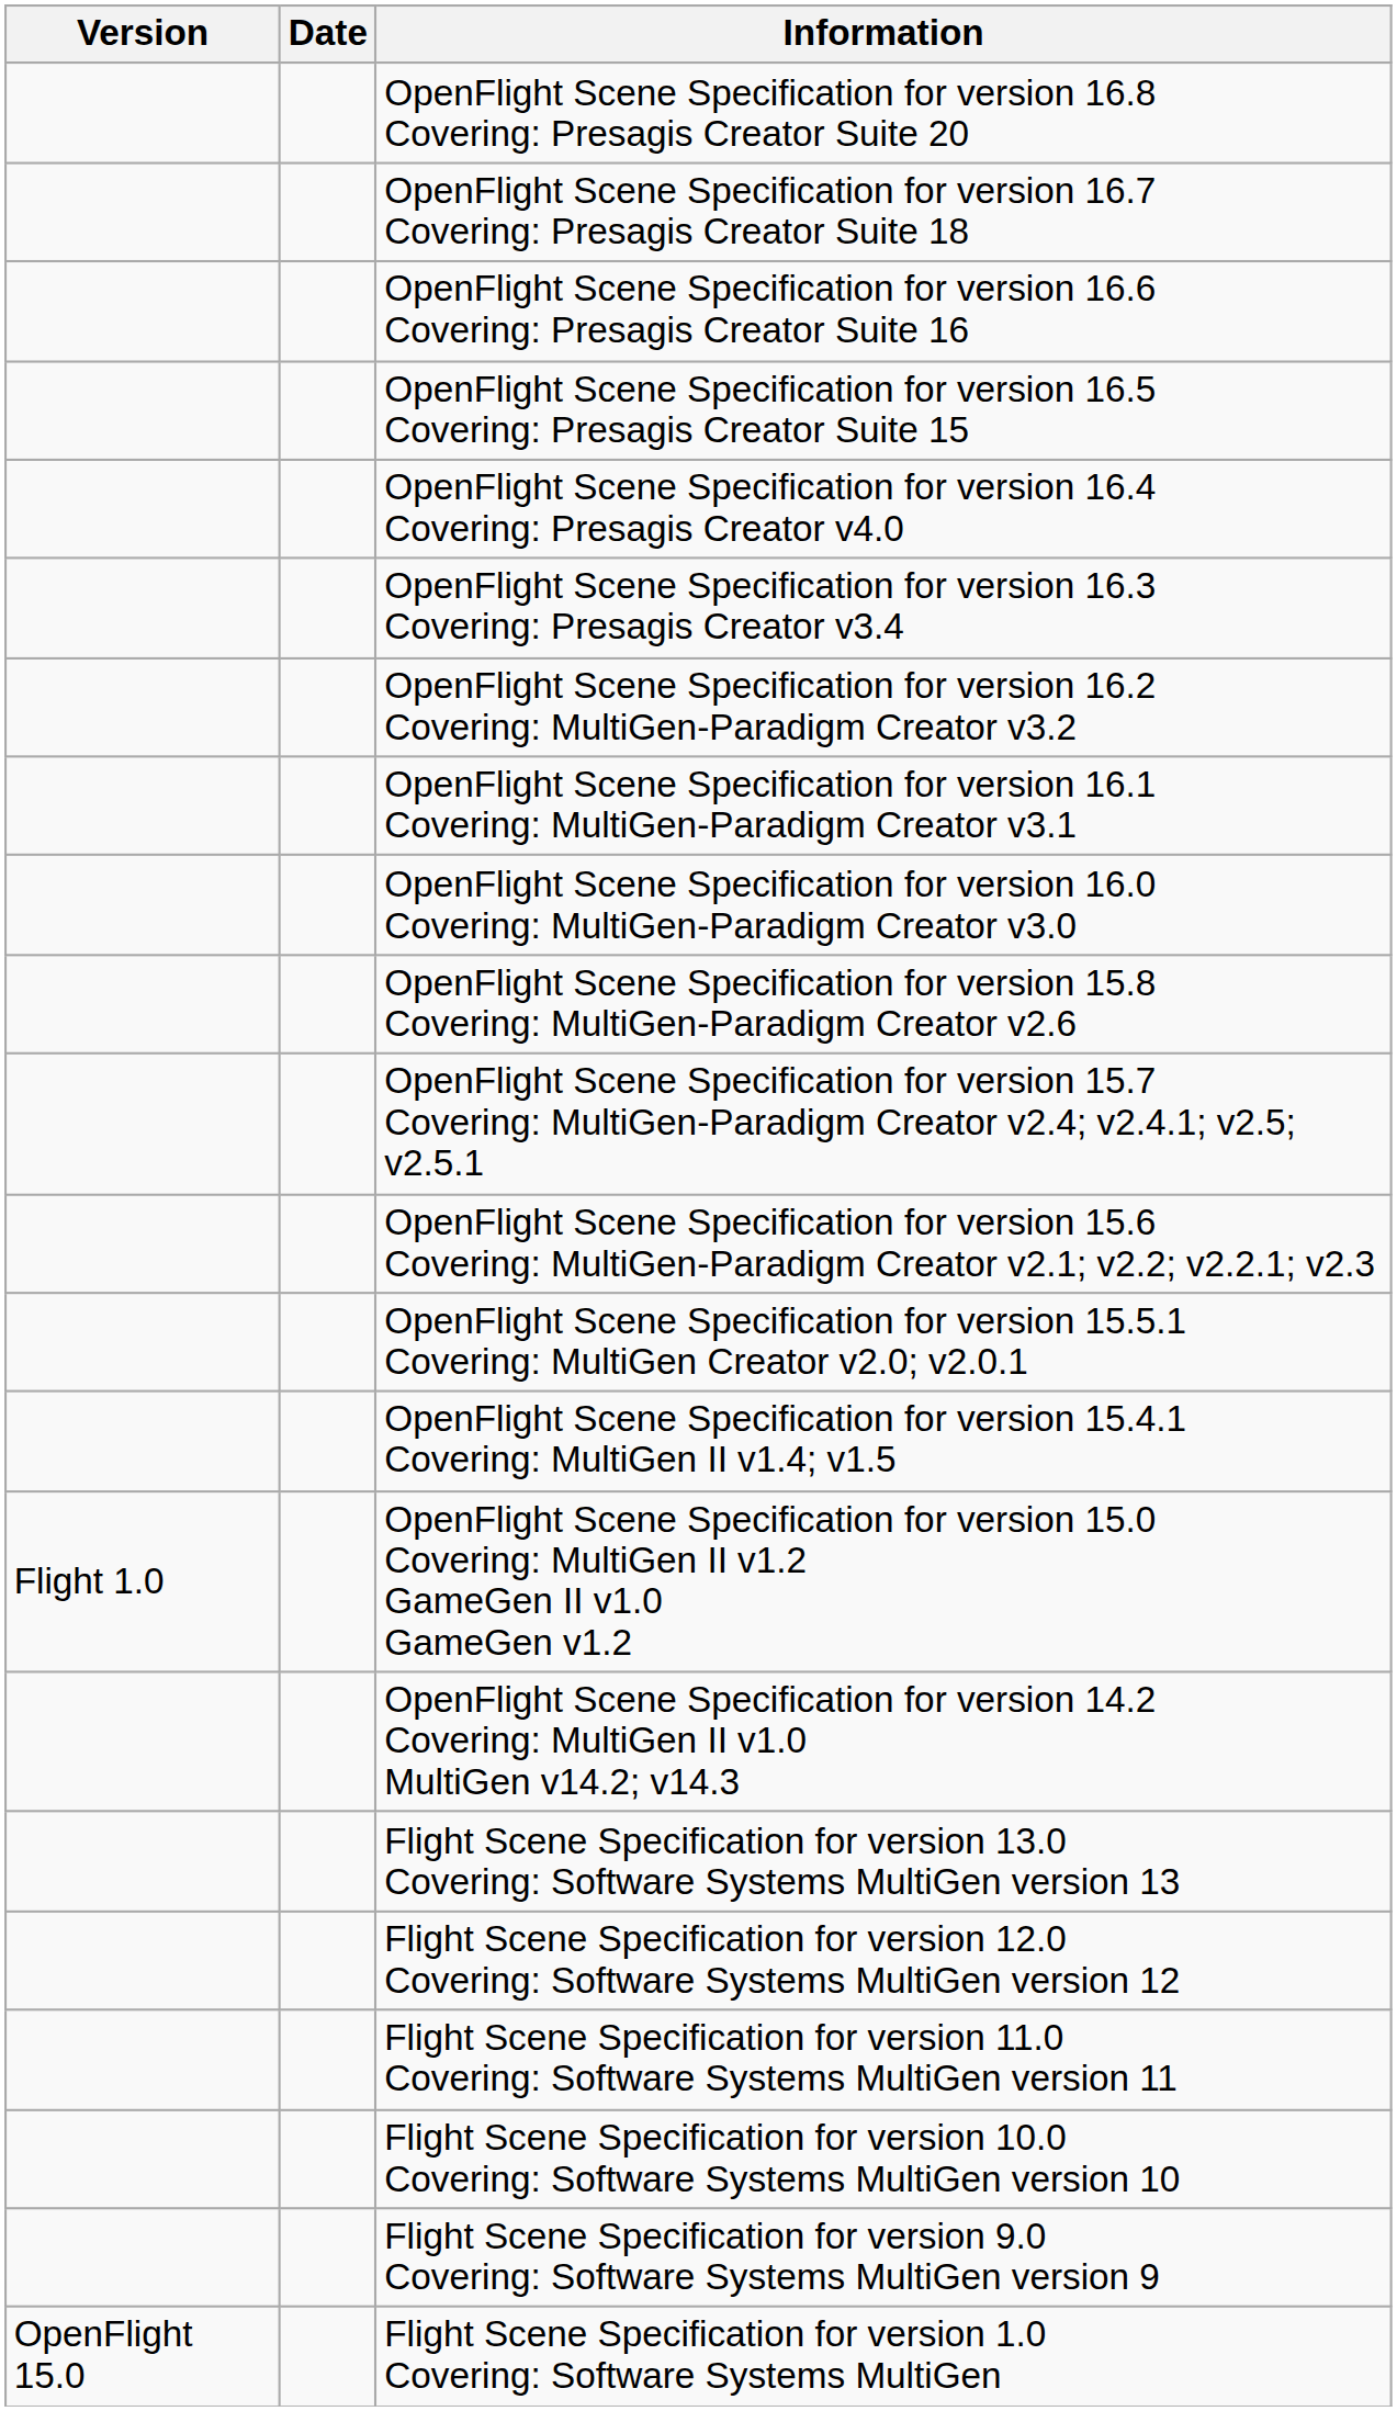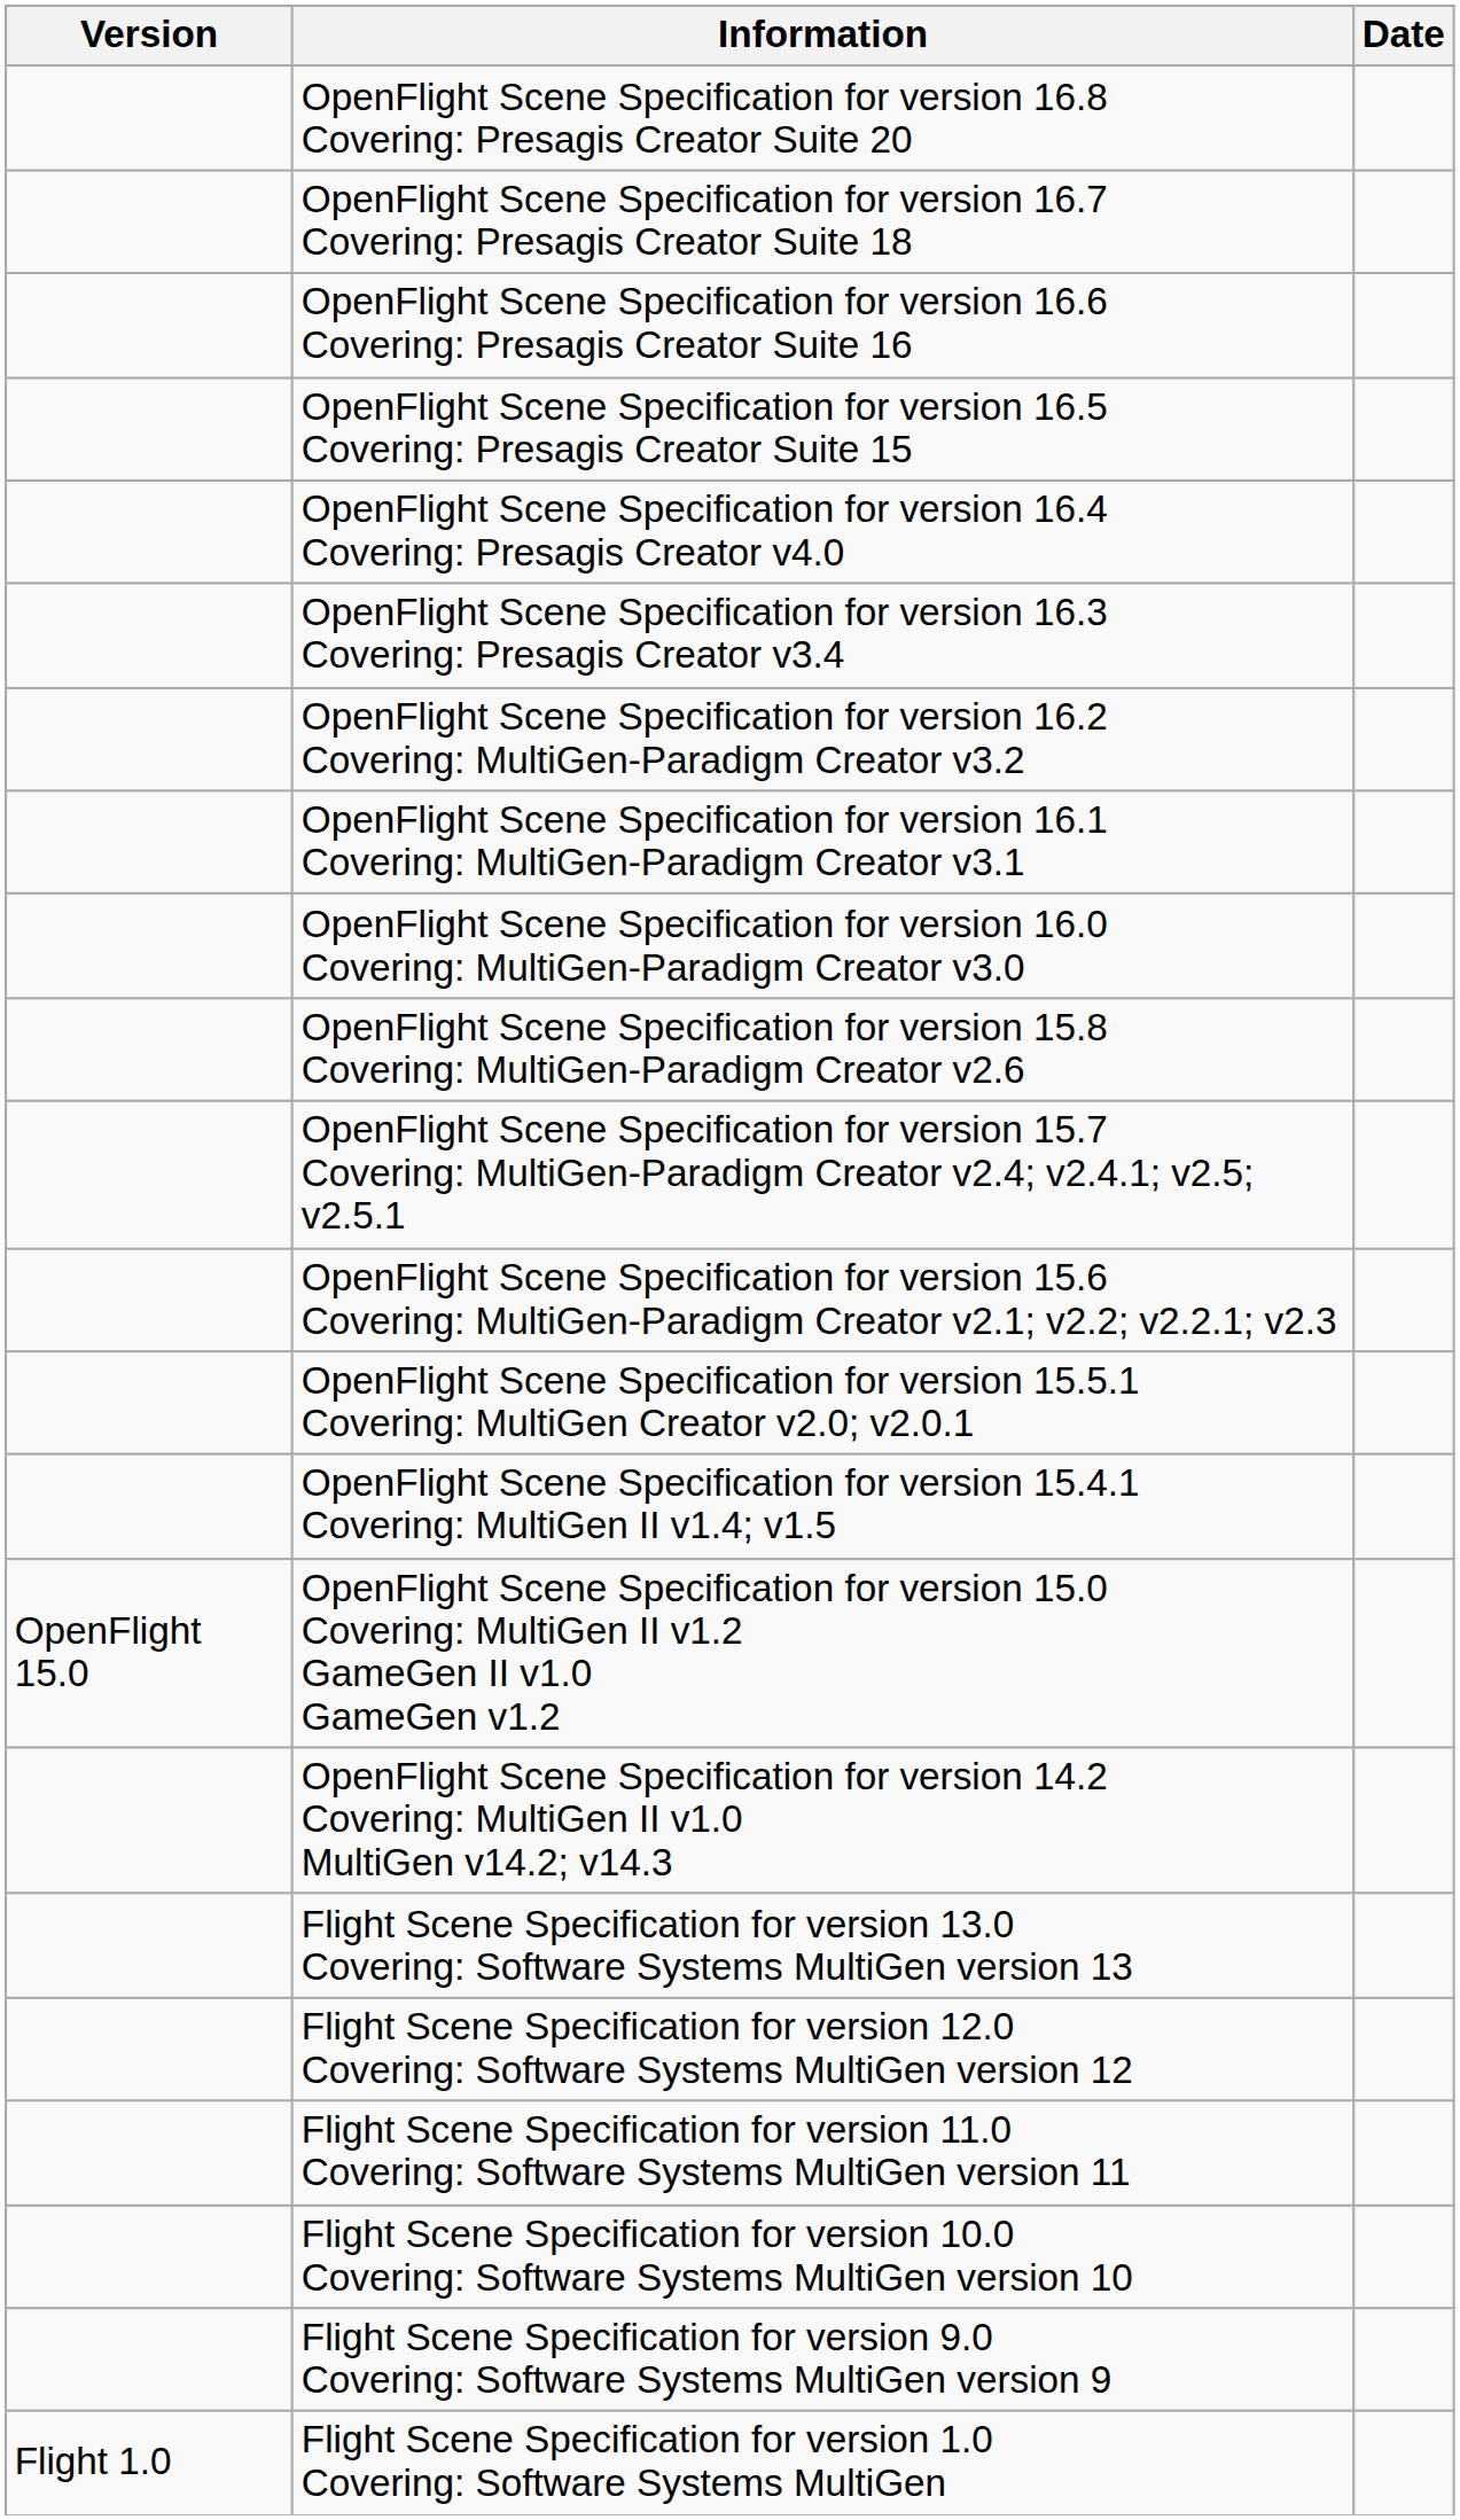 <table class="wikitable">
 <tr>
 <th>Version</th>
+<th>Information</th>
 <th>Date</th>
-<th>Information</th>
 </tr>
 <tr>
 <td></td>
+<td>OpenFlight Scene Specification for version 16.8<br>Covering: Presagis Creator Suite 20</td>
 <td></td>
-<td>OpenFlight Scene Specification for version 16.8<br>Covering: Presagis Creator Suite 20</td>
 </tr>
 <tr>
 <td></td>
+<td>OpenFlight Scene Specification for version 16.7<br>Covering: Presagis Creator Suite 18</td>
 <td></td>
-<td>OpenFlight Scene Specification for version 16.7<br>Covering: Presagis Creator Suite 18</td>
 </tr>
 <tr>
 <td></td>
+<td>OpenFlight Scene Specification for version 16.6<br>Covering: Presagis Creator Suite 16</td>
 <td></td>
-<td>OpenFlight Scene Specification for version 16.6<br>Covering: Presagis Creator Suite 16</td>
 </tr>
 <tr>
 <td></td>
+<td>OpenFlight Scene Specification for version 16.5<br>Covering: Presagis Creator Suite 15</td>
 <td></td>
-<td>OpenFlight Scene Specification for version 16.5<br>Covering: Presagis Creator Suite 15</td>
 </tr>
 <tr>
 <td></td>
+<td>OpenFlight Scene Specification for version 16.4<br>Covering: Presagis Creator v4.0</td>
 <td></td>
-<td>OpenFlight Scene Specification for version 16.4<br>Covering: Presagis Creator v4.0</td>
 </tr>
 <tr>
 <td></td>
+<td>OpenFlight Scene Specification for version 16.3<br>Covering: Presagis Creator v3.4</td>
 <td></td>
-<td>OpenFlight Scene Specification for version 16.3<br>Covering: Presagis Creator v3.4</td>
 </tr>
 <tr>
 <td></td>
+<td>OpenFlight Scene Specification for version 16.2<br>Covering: MultiGen-Paradigm Creator v3.2</td>
 <td></td>
-<td>OpenFlight Scene Specification for version 16.2<br>Covering: MultiGen-Paradigm Creator v3.2</td>
 </tr>
 <tr>
 <td></td>
+<td>OpenFlight Scene Specification for version 16.1<br>Covering: MultiGen-Paradigm Creator v3.1</td>
 <td></td>
-<td>OpenFlight Scene Specification for version 16.1<br>Covering: MultiGen-Paradigm Creator v3.1</td>
 </tr>
 <tr>
 <td></td>
+<td>OpenFlight Scene Specification for version 16.0<br>Covering: MultiGen-Paradigm Creator v3.0</td>
 <td></td>
-<td>OpenFlight Scene Specification for version 16.0<br>Covering: MultiGen-Paradigm Creator v3.0</td>
 </tr>
 <tr>
 <td></td>
+<td>OpenFlight Scene Specification for version 15.8<br>Covering: MultiGen-Paradigm Creator v2.6</td>
 <td></td>
-<td>OpenFlight Scene Specification for version 15.8<br>Covering: MultiGen-Paradigm Creator v2.6</td>
 </tr>
 <tr>
 <td></td>
+<td>OpenFlight Scene Specification for version 15.7<br>Covering: MultiGen-Paradigm Creator v2.4; v2.4.1; v2.5; v2.5.1</td>
 <td></td>
-<td>OpenFlight Scene Specification for version 15.7<br>Covering: MultiGen-Paradigm Creator v2.4; v2.4.1; v2.5; v2.5.1</td>
 </tr>
 <tr>
 <td></td>
+<td>OpenFlight Scene Specification for version 15.6<br>Covering: MultiGen-Paradigm Creator v2.1; v2.2; v2.2.1; v2.3</td>
 <td></td>
-<td>OpenFlight Scene Specification for version 15.6<br>Covering: MultiGen-Paradigm Creator v2.1; v2.2; v2.2.1; v2.3</td>
 </tr>
 <tr>
 <td></td>
+<td>OpenFlight Scene Specification for version 15.5.1<br>Covering: MultiGen Creator v2.0; v2.0.1</td>
 <td></td>
-<td>OpenFlight Scene Specification for version 15.5.1<br>Covering: MultiGen Creator v2.0; v2.0.1</td>
 </tr>
 <tr>
 <td></td>
+<td>OpenFlight Scene Specification for version 15.4.1<br>Covering: MultiGen II v1.4; v1.5</td>
 <td></td>
-<td>OpenFlight Scene Specification for version 15.4.1<br>Covering: MultiGen II v1.4; v1.5</td>
+</tr>
+<tr>
+<td>OpenFlight 15.0</td>
+<td>OpenFlight Scene Specification for version 15.0<br>Covering: MultiGen II v1.2<br> GameGen II v1.0<br> GameGen v1.2<br></td>
+<td></td>
+</tr>
+<tr>
+<td></td>
+<td>OpenFlight Scene Specification for version 14.2<br>Covering: MultiGen II v1.0<br> MultiGen v14.2; v14.3<br></td>
+<td></td>
+</tr>
+<tr>
+<td></td>
+<td>Flight Scene Specification for version 13.0<br>Covering: Software Systems MultiGen version 13</td>
+<td></td>
+</tr>
+<tr>
+<td></td>
+<td>Flight Scene Specification for version 12.0<br>Covering: Software Systems MultiGen version 12</td>
+<td></td>
+</tr>
+<tr>
+<td></td>
+<td>Flight Scene Specification for version 11.0<br>Covering: Software Systems MultiGen version 11</td>
+<td></td>
+</tr>
+<tr>
+<td></td>
+<td>Flight Scene Specification for version 10.0<br>Covering: Software Systems MultiGen version 10</td>
+<td></td>
+</tr>
+<tr>
+<td></td>
+<td>Flight Scene Specification for version 9.0<br>Covering: Software Systems MultiGen version 9</td>
+<td></td>
 </tr>
 <tr>
 <td>Flight 1.0</td>
+<td>Flight Scene Specification for version 1.0<br>Covering: Software Systems MultiGen</td>
 <td></td>
-<td>OpenFlight Scene Specification for version 15.0<br>Covering: MultiGen II v1.2<br> GameGen II v1.0<br> GameGen v1.2<br></td>
-</tr>
-<tr>
-<td></td>
-<td></td>
-<td>OpenFlight Scene Specification for version 14.2<br>Covering: MultiGen II v1.0<br> MultiGen v14.2; v14.3<br></td>
-</tr>
-<tr>
-<td></td>
-<td></td>
-<td>Flight Scene Specification for version 13.0<br>Covering: Software Systems MultiGen version 13</td>
-</tr>
-<tr>
-<td></td>
-<td></td>
-<td>Flight Scene Specification for version 12.0<br>Covering: Software Systems MultiGen version 12</td>
-</tr>
-<tr>
-<td></td>
-<td></td>
-<td>Flight Scene Specification for version 11.0<br>Covering: Software Systems MultiGen version 11</td>
-</tr>
-<tr>
-<td></td>
-<td></td>
-<td>Flight Scene Specification for version 10.0<br>Covering: Software Systems MultiGen version 10</td>
-</tr>
-<tr>
-<td></td>
-<td></td>
-<td>Flight Scene Specification for version 9.0<br>Covering: Software Systems MultiGen version 9</td>
-</tr>
-<tr>
-<td>OpenFlight 15.0</td>
-<td></td>
-<td>Flight Scene Specification for version 1.0<br>Covering: Software Systems MultiGen</td>
 </tr>
 </table>
